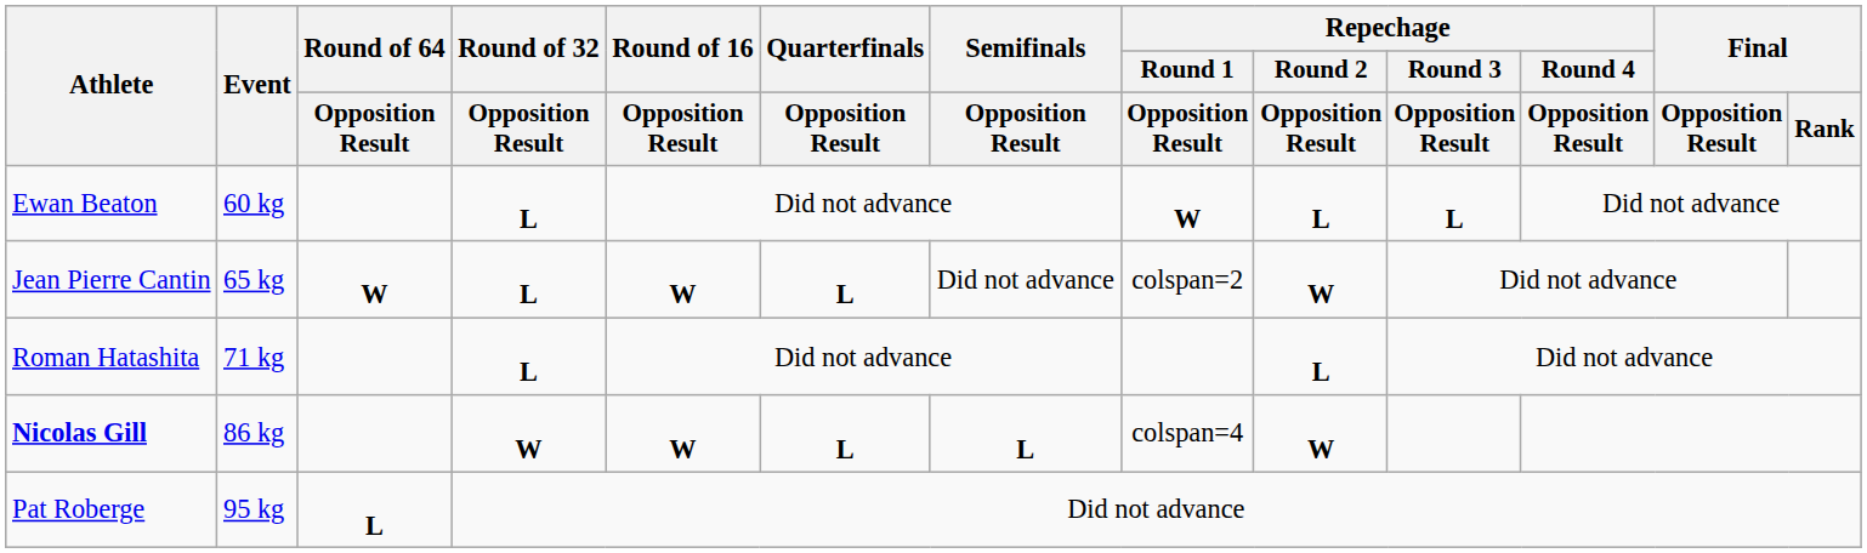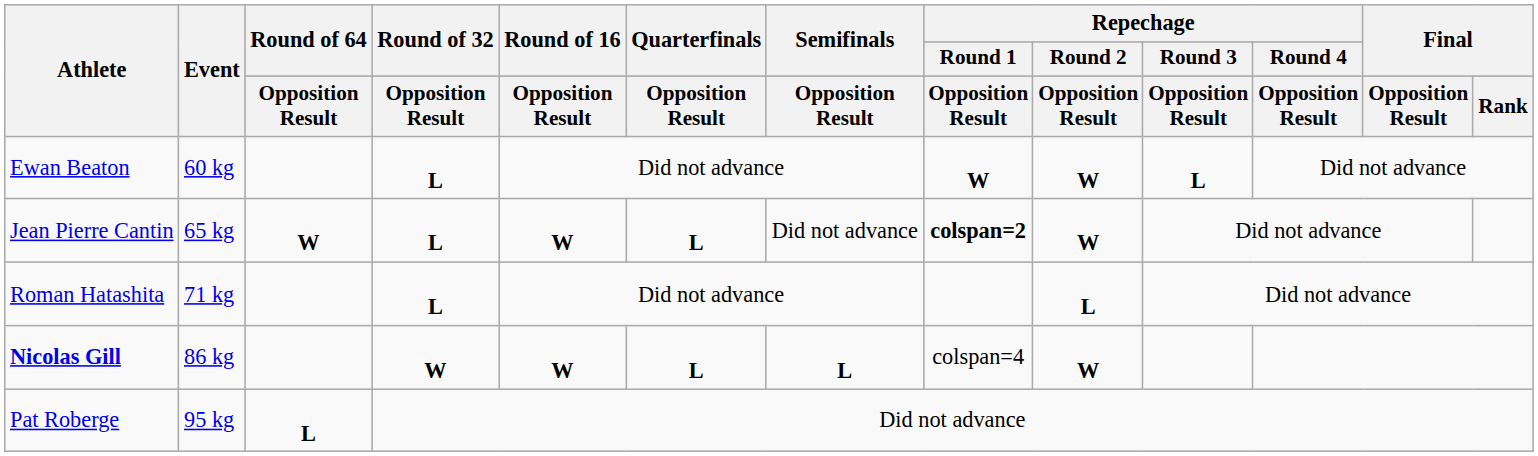 <table class="wikitable" style="font-size:90%">
 <tr>
 <th rowspan="3">Athlete</th>
 <th rowspan="3">Event</th>
 <th rowspan="2">Round of 64</th>
 <th rowspan="2">Round of 32</th>
 <th rowspan="2">Round of 16</th>
 <th rowspan="2">Quarterfinals</th>
 <th rowspan="2">Semifinals</th>
 <th colspan=4>Repechage</th>
 <th rowspan="2" colspan=2>Final</th>
 </tr>
 <tr style="font-size:95%">
 <th>Round 1</th>
 <th>Round 2</th>
 <th>Round 3</th>
 <th>Round 4</th>
 </tr>
 <tr style="font-size:95%">
 <th>Opposition<br>Result</th>
 <th>Opposition<br>Result</th>
 <th>Opposition<br>Result</th>
 <th>Opposition<br>Result</th>
 <th>Opposition<br>Result</th>
 <th>Opposition<br>Result</th>
 <th>Opposition<br>Result</th>
 <th>Opposition<br>Result</th>
 <th>Opposition<br>Result</th>
 <th>Opposition<br>Result</th>
 <th>Rank</th>
 </tr>
 <tr align=center>
 <td align=left><a href='#'>Ewan Beaton</a></td>
 <td align=left><a href='#'>60 kg</a></td>
 <td></td>
 <td><br><strong>L</strong></td>
 <td colspan=3>Did not advance</td>
 <td><br><strong>W</strong></td>
-<td><br><strong>L</strong></td>
+<td><br><strong>W</strong></td>
 <td><br><strong>L</strong></td>
 <td colspan=3>Did not advance</td>
 </tr>
 <tr align=center>
 <td align=left><a href='#'>Jean Pierre Cantin</a></td>
 <td align=left><a href='#'>65 kg</a></td>
 <td><br><strong>W</strong></td>
 <td><br><strong>L</strong></td>
 <td><br><strong>W</strong></td>
 <td><br><strong>L</strong></td>
 <td>Did not advance</td>
-<td>colspan=2</td>
+<td><strong>colspan=2</strong></td>
 <td><br><strong>W</strong></td>
 <td colspan=3>Did not advance</td>
 </tr>
 <tr align=center>
 <td align=left><a href='#'>Roman Hatashita</a></td>
 <td align=left><a href='#'>71 kg</a></td>
 <td></td>
 <td><br><strong>L</strong></td>
 <td colspan=3>Did not advance</td>
 <td></td>
 <td><br><strong>L</strong></td>
 <td colspan=4>Did not advance</td>
 </tr>
 <tr align=center>
 <td align=left><strong><a href='#'>Nicolas Gill</a></strong></td>
 <td align=left><a href='#'>86 kg</a></td>
 <td></td>
 <td><br><strong>W</strong></td>
 <td><br><strong>W</strong></td>
 <td><br><strong>L</strong></td>
 <td><br><strong>L</strong></td>
 <td>colspan=4</td>
 <td><br><strong>W</strong></td>
 <td></td>
 </tr>
 <tr align=center>
 <td align=left><a href='#'>Pat Roberge</a></td>
 <td align=left><a href='#'>95 kg</a></td>
 <td><br><strong>L</strong></td>
 <td colspan=10>Did not advance</td>
 </tr>
 </table>
